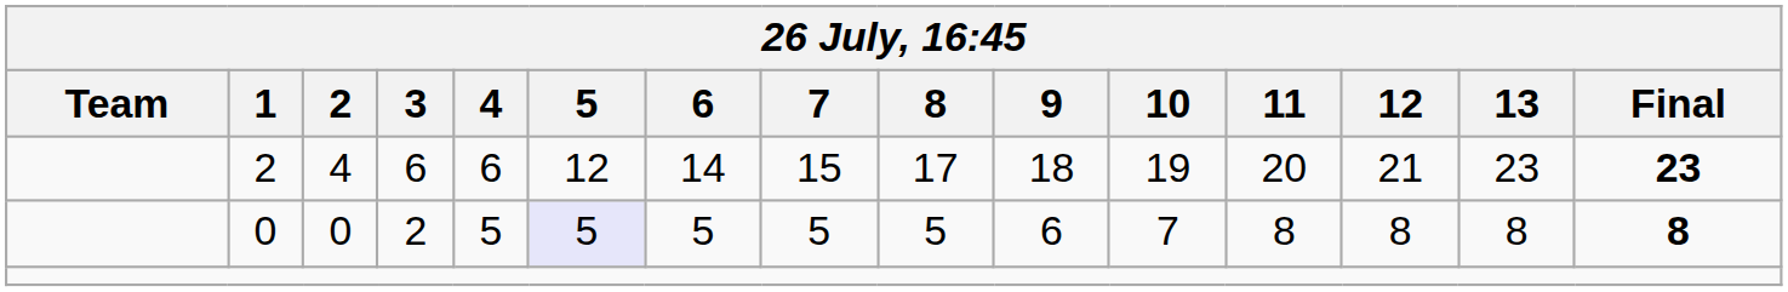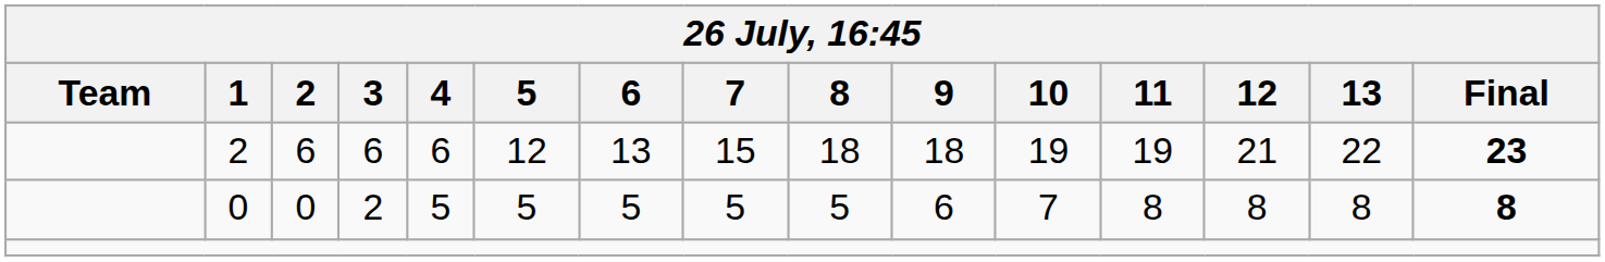 <table class=wikitable style="text-align:center; width: 55%">
 <tr>
 <th colspan=17><em>26 July, 16:45</em></th>
 </tr>
 <tr>
 <th>Team</th>
 <th>1</th>
 <th>2</th>
 <th>3</th>
 <th>4</th>
 <th>5</th>
 <th>6</th>
 <th>7</th>
 <th>8</th>
 <th>9</th>
 <th>10</th>
 <th>11</th>
 <th>12</th>
 <th>13</th>
 <th>Final</th>
 </tr>
 <tr>
 <td align=left><strong></strong></td>
 <td>2</td>
-<td>4</td>
+<td>6</td>
 <td>6</td>
 <td>6</td>
 <td>12</td>
-<td>14</td>
+<td>13</td>
 <td>15</td>
-<td>17</td>
+<td>18</td>
 <td>18</td>
 <td>19</td>
-<td>20</td>
+<td>19</td>
 <td>21</td>
-<td>23</td>
+<td>22</td>
 <td><strong>23</strong></td>
 </tr>
 <tr>
 <td align=left></td>
 <td>0</td>
 <td>0</td>
 <td>2</td>
 <td>5</td>
-<td style="background: lavender;">5</td>
+<td>5</td>
 <td>5</td>
 <td>5</td>
 <td>5</td>
 <td>6</td>
 <td>7</td>
 <td>8</td>
 <td>8</td>
 <td>8</td>
 <td><strong>8</strong></td>
 </tr>
 <tr>
 <td colspan=17></td>
 </tr>
 </table>
